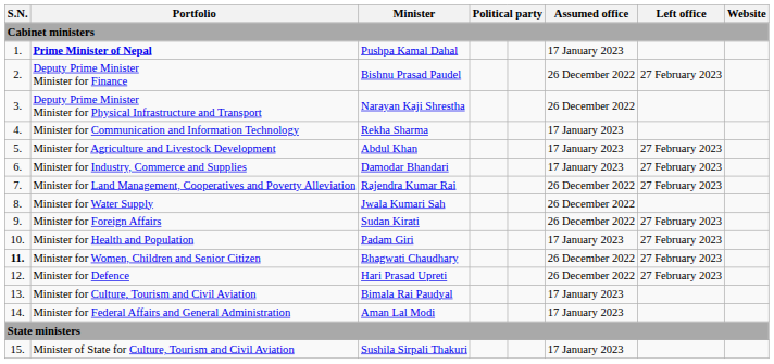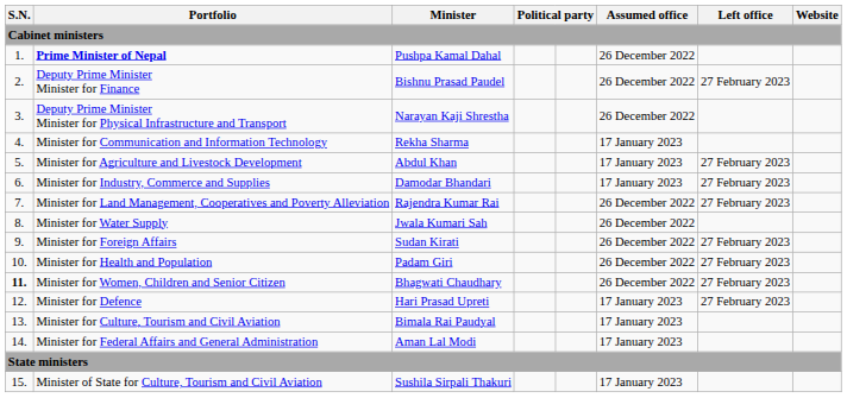 <table class="wikitable mw-collapsible mw-collapsed">
 <tr>
 <th>S.N.</th>
 <th>Portfolio</th>
 <th>Minister</th>
 <th colspan="2">Political party</th>
 <th>Assumed office</th>
 <th>Left office</th>
 <th>Website</th>
 </tr>
 <tr>
 <td colspan="8" bgcolor="darkgrey"><strong>Cabinet ministers</strong></td>
 </tr>
 <tr>
 <td style="text-align:center;">1.</td>
 <td><strong><a href='#'>Prime Minister of Nepal</a></strong><br></td>
 <td><a href='#'>Pushpa Kamal Dahal</a></td>
 <td></td>
 <td></td>
-<td>17 January 2023</td>
+<td>26 December 2022</td>
 <td></td>
 <td></td>
 </tr>
 <tr>
 <td style="text-align:center;">2.</td>
 <td><a href='#'>Deputy Prime Minister</a><br>Minister for <a href='#'>Finance</a></td>
 <td><a href='#'>Bishnu Prasad Paudel</a></td>
 <td></td>
 <td></td>
 <td>26 December 2022</td>
 <td>27 February 2023</td>
 <td></td>
 </tr>
 <tr>
 <td style="text-align:center;">3.</td>
 <td><a href='#'>Deputy Prime Minister</a><br>Minister for <a href='#'>Physical Infrastructure and Transport</a></td>
 <td><a href='#'>Narayan Kaji Shrestha</a></td>
 <td></td>
 <td></td>
 <td>26 December 2022</td>
 <td></td>
 <td></td>
 </tr>
 <tr>
 <td style="text-align:center;">4.</td>
 <td>Minister for <a href='#'>Communication and Information Technology</a></td>
 <td><a href='#'>Rekha Sharma</a></td>
 <td></td>
 <td></td>
 <td>17 January 2023</td>
 <td></td>
 <td></td>
 </tr>
 <tr>
 <td style="text-align:center;">5.</td>
 <td>Minister for <a href='#'>Agriculture and Livestock Development</a></td>
 <td><a href='#'>Abdul Khan</a></td>
 <td></td>
 <td></td>
 <td>17 January 2023</td>
 <td>27 February 2023</td>
 <td></td>
 </tr>
 <tr>
 <td style="text-align:center;">6.</td>
 <td>Minister for <a href='#'>Industry, Commerce and Supplies</a></td>
 <td><a href='#'>Damodar Bhandari</a></td>
 <td></td>
 <td></td>
 <td>17 January 2023</td>
 <td>27 February 2023</td>
 <td></td>
 </tr>
 <tr>
 <td style="text-align:center;">7.</td>
 <td>Minister for <a href='#'>Land Management, Cooperatives and Poverty Alleviation</a></td>
 <td><a href='#'>Rajendra Kumar Rai</a></td>
 <td></td>
 <td></td>
 <td>26 December 2022</td>
 <td>27 February 2023</td>
 <td></td>
 </tr>
 <tr>
 <td style="text-align:center;">8.</td>
 <td>Minister for <a href='#'>Water Supply</a></td>
 <td><a href='#'>Jwala Kumari Sah</a></td>
 <td></td>
 <td></td>
 <td>26 December 2022</td>
 <td></td>
 <td> </td>
 </tr>
 <tr>
 <td style="text-align:center;">9.</td>
 <td>Minister for <a href='#'>Foreign Affairs</a></td>
 <td><a href='#'>Sudan Kirati</a></td>
 <td></td>
 <td></td>
 <td>26 December 2022</td>
 <td>27 February 2023</td>
 <td></td>
 </tr>
 <tr>
 <td style="text-align:center;">10.</td>
 <td>Minister for <a href='#'>Health and Population</a></td>
 <td><a href='#'>Padam Giri</a></td>
 <td></td>
 <td></td>
-<td>17 January 2023</td>
+<td>26 December 2022</td>
 <td>27 February 2023</td>
 <td> </td>
 </tr>
 <tr>
 <td style="text-align:center;"><strong>11.</strong></td>
 <td>Minister for <a href='#'>Women, Children and Senior Citizen</a></td>
 <td><a href='#'>Bhagwati Chaudhary</a></td>
 <td></td>
 <td></td>
 <td>26 December 2022</td>
 <td>27 February 2023</td>
 <td></td>
 </tr>
 <tr>
 <td style="text-align:center;">12.</td>
 <td>Minister for <a href='#'>Defence</a></td>
 <td><a href='#'>Hari Prasad Upreti</a></td>
 <td></td>
 <td></td>
-<td>26 December 2022</td>
+<td>17 January 2023</td>
 <td>27 February 2023</td>
 <td></td>
 </tr>
 <tr>
 <td style="text-align:center;">13.</td>
 <td>Minister for <a href='#'>Culture, Tourism and Civil Aviation</a></td>
 <td><a href='#'>Bimala Rai Paudyal</a></td>
 <td></td>
 <td></td>
 <td>17 January 2023</td>
 <td></td>
 <td></td>
 </tr>
 <tr>
 <td style="text-align:center;">14.</td>
 <td>Minister for <a href='#'>Federal Affairs and General Administration</a></td>
 <td><a href='#'>Aman Lal Modi</a></td>
 <td></td>
 <td></td>
 <td>17 January 2023</td>
 <td></td>
 <td></td>
 </tr>
 <tr>
 <td colspan="8" bgcolor="darkgrey"><strong>State ministers</strong></td>
 </tr>
 <tr>
 <td style="text-align:center;">15.</td>
 <td>Minister of State for <a href='#'>Culture, Tourism and Civil Aviation</a></td>
 <td><a href='#'>Sushila Sirpali Thakuri</a></td>
 <td></td>
 <td></td>
 <td>17 January 2023</td>
 <td></td>
 <td></td>
 </tr>
 </table>
